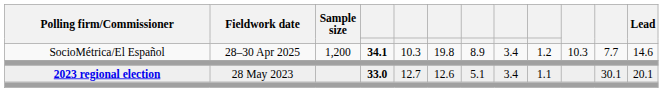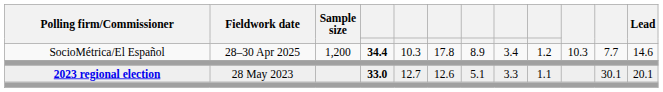 <table class="wikitable collapsible collapsed" style="text-align:center; font-size:90%; line-height:14px;">
 <tr style="height:42px;">
 <th style="width:250px;" rowspan="2">Polling firm/Commissioner</th>
 <th style="width:125px;" rowspan="2">Fieldwork date</th>
 <th style="width:50px;" rowspan="2">Sample size</th>
 <th style="width:35px;"></th>
 <th style="width:35px;"></th>
 <th style="width:35px;"></th>
 <th style="width:35px;"></th>
 <th style="width:35px;"><br></th>
 <th style="width:35px;"></th>
 <th style="width:35px;" rowspan="2"></th>
 <th style="width:35px;" rowspan="2"></th>
 <th style="width:30px;" rowspan="2">Lead</th>
 </tr>
 <tr>
 <th style="color:inherit;background:"></th>
 <th style="color:inherit;background:"></th>
 <th style="color:inherit;background:"></th>
 <th style="color:inherit;background:"></th>
 <th style="color:inherit;background:"></th>
 <th style="color:inherit;background:"></th>
 </tr>
 <tr>
 <td>SocioMétrica/El Español</td>
 <td>28–30 Apr 2025</td>
 <td>1,200</td>
-<td><strong>34.1</strong></td>
+<td><strong>34.4</strong></td>
 <td>10.3</td>
-<td>19.8</td>
+<td>17.8</td>
 <td>8.9</td>
 <td>3.4</td>
 <td>1.2</td>
 <td>10.3</td>
 <td>7.7</td>
 <td style="background:">14.6</td>
 </tr>
 <tr>
 <td colspan="12" style="background:#A0A0A0"></td>
 </tr>
 <tr style="background:#EFEFEF;">
 <td><strong><a href='#'>2023 regional election</a></strong></td>
 <td>28 May 2023</td>
 <td></td>
 <td><strong>33.0</strong></td>
 <td>12.7</td>
 <td>12.6</td>
 <td>5.1</td>
-<td>3.4</td>
+<td>3.3</td>
 <td>1.1</td>
 <td></td>
 <td>30.1</td>
 <td style="background:">20.1</td>
 </tr>
 <tr>
 <td colspan="12" style="background:#A0A0A0"></td>
 </tr>
 </table>
